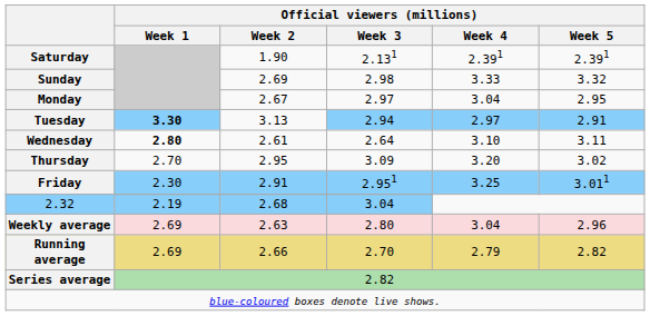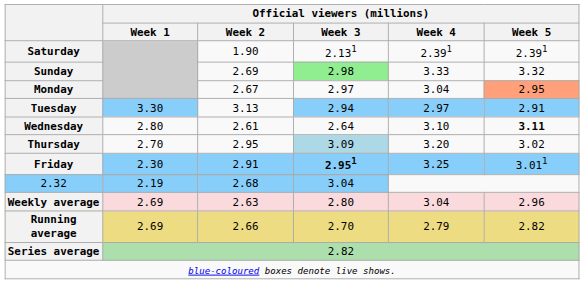 <table class="wikitable" style="font-size:90%; text-align:center; width: 70%; margin-left: auto; margin-right: auto;">
 <tr>
 <th scope="col" rowspan="2" style="width:17%;"></th>
 <th scope=col colspan=5>Official viewers (millions)</th>
 </tr>
 <tr>
 <th>Week 1</th>
 <th>Week 2</th>
 <th>Week 3</th>
 <th>Week 4</th>
 <th>Week 5</th>
 </tr>
 <tr>
 <th>Saturday</th>
 <td style="background:#ccc;" rowspan="3"></td>
 <td>1.90</td>
 <td>2.13<sup>1</sup></td>
 <td>2.39<sup>1</sup></td>
 <td>2.39<sup>1</sup></td>
 </tr>
 <tr>
 <th>Sunday</th>
 <td>2.69</td>
-<td>2.98</td>
+<td style="background: lightgreen;">2.98</td>
 <td>3.33</td>
 <td>3.32</td>
 </tr>
 <tr>
 <th>Monday</th>
 <td>2.67</td>
 <td>2.97</td>
 <td>3.04</td>
-<td>2.95</td>
+<td style="background: lightsalmon;">2.95</td>
 </tr>
 <tr>
 <th>Tuesday</th>
-<td style="background:#87CEFA;"><strong>3.30</strong></td>
+<td style="background:#87CEFA;">3.30</td>
 <td>3.13</td>
 <td style="background:#87CEFA;">2.94</td>
 <td style="background:#87CEFA;">2.97</td>
 <td style="background:#87CEFA;">2.91</td>
 </tr>
 <tr>
 <th>Wednesday</th>
-<td><strong>2.80</strong></td>
+<td>2.80</td>
 <td>2.61</td>
 <td>2.64</td>
 <td>3.10</td>
-<td>3.11</td>
+<td><strong>3.11</strong></td>
 </tr>
 <tr>
 <th>Thursday</th>
 <td>2.70</td>
 <td>2.95</td>
-<td>3.09</td>
+<td style="background: lightblue;">3.09</td>
 <td>3.20</td>
 <td>3.02</td>
 </tr>
 <tr>
 <th rowspan="2">Friday</th>
 <td style="background:#87CEFA;">2.30</td>
 <td style="background:#87CEFA;">2.91</td>
-<td style="background:#87CEFA;">2.95<sup>1</sup></td>
+<td style="background:#87CEFA;"><strong>2.95<sup>1</sup></strong></td>
 <td style="background:#87CEFA;">3.25</td>
 <td rowspan="2" style="background:#87CEFA;">3.01<sup>1</sup></td>
 </tr>
 <tr style="background:#FADADD;" |>
 </tr>
 <tr>
 <td style="background:#87CEFA;">2.32</td>
 <td style="background:#87CEFA;">2.19</td>
 <td style="background:#87CEFA;">2.68</td>
 <td style="background:#87CEFA;">3.04</td>
 </tr>
 <tr style="background:#FADADD;" |>
 <th>Weekly average</th>
 <td>2.69</td>
 <td>2.63</td>
 <td>2.80</td>
 <td>3.04</td>
 <td>2.96</td>
 </tr>
 <tr style="background:#EEDC82;" |>
 <th>Running average</th>
 <td>2.69</td>
 <td>2.66</td>
 <td>2.70</td>
 <td>2.79</td>
 <td>2.82</td>
 </tr>
 <tr style="background:#ADDFAD;" |>
 <th>Series average</th>
 <td colspan="5">2.82</td>
 </tr>
 <tr>
 <td colspan=6><small><em><a href='#'>blue-coloured</a> boxes denote live shows.</em></small></td>
 </tr>
 </table>
